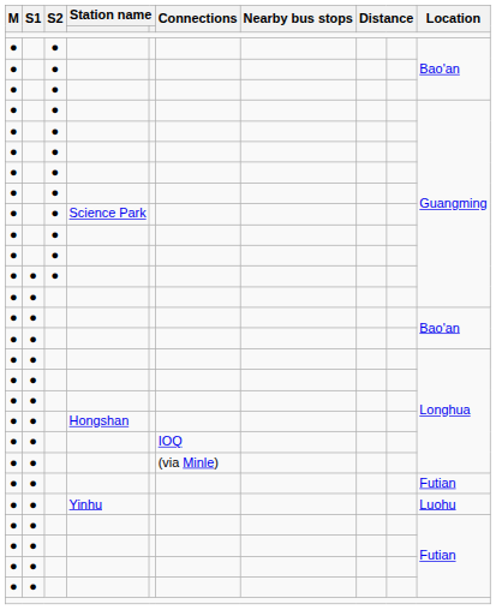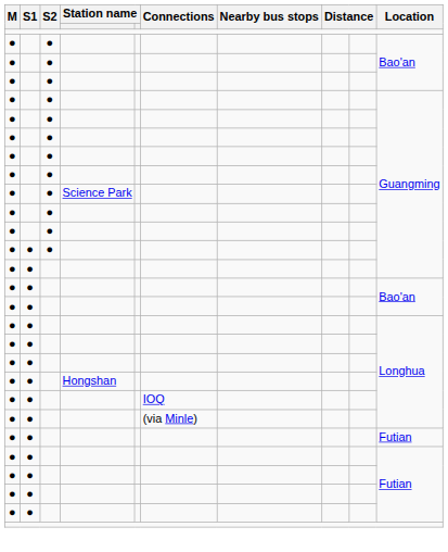 <table class="wikitable">
 <tr>
 <th rowspan="2">M</th>
 <th rowspan="2">S1</th>
 <th rowspan="2">S2</th>
 <th colspan="2">Station name</th>
 <th rowspan="2">Connections</th>
 <th rowspan="2">Nearby bus stops</th>
 <th colspan="2" rowspan="2">Distance<br></th>
 <th rowspan="2">Location</th>
 </tr>
 <tr>
 <th></th>
 <th></th>
 </tr>
 <tr style="background:#">
 <td colspan = "10"></td>
 </tr>
 <tr>
 <td align="center">●</td>
 <td align="center"></td>
 <td align="center">●</td>
 <td></td>
 <td></td>
 <td> </td>
 <td></td>
 <td></td>
 <td></td>
 <td rowspan="3"><a href='#'>Bao'an</a></td>
 </tr>
 <tr>
 <td align="center">●</td>
 <td align="center"></td>
 <td align="center">●</td>
 <td></td>
 <td></td>
 <td></td>
 <td></td>
 <td></td>
 <td></td>
 </tr>
 <tr>
 <td align="center">●</td>
 <td align="center"></td>
 <td align="center">●</td>
 <td></td>
 <td></td>
 <td></td>
 <td></td>
 <td></td>
 <td></td>
 </tr>
 <tr>
 <td align="center">●</td>
 <td align="center"></td>
 <td align="center">●</td>
 <td></td>
 <td></td>
 <td></td>
 <td></td>
 <td></td>
 <td></td>
 <td rowspan="10"><a href='#'>Guangming</a></td>
 </tr>
 <tr>
 <td align="center">●</td>
 <td align="center"></td>
 <td align="center">●</td>
 <td></td>
 <td></td>
 <td></td>
 <td></td>
 <td></td>
 <td></td>
 </tr>
 <tr>
 <td align="center">●</td>
 <td align="center"></td>
 <td align="center">●</td>
 <td></td>
 <td></td>
 <td></td>
 <td></td>
 <td></td>
 <td></td>
 </tr>
 <tr>
 <td align="center">●</td>
 <td align="center"></td>
 <td align="center">●</td>
 <td></td>
 <td></td>
 <td></td>
 <td></td>
 <td></td>
 <td></td>
 </tr>
 <tr>
 <td align="center">●</td>
 <td align="center"></td>
 <td align="center">●</td>
 <td></td>
 <td></td>
 <td></td>
 <td></td>
 <td></td>
 <td></td>
 </tr>
 <tr>
 <td align="center">●</td>
 <td align="center"></td>
 <td align="center">●</td>
 <td><a href='#'>Science Park</a></td>
 <td></td>
 <td></td>
 <td></td>
 <td></td>
 <td></td>
 </tr>
 <tr>
 <td align="center">●</td>
 <td align="center"></td>
 <td align="center">●</td>
 <td></td>
 <td></td>
 <td></td>
 <td></td>
 <td></td>
 <td></td>
 </tr>
 <tr>
 <td align="center">●</td>
 <td align="center"></td>
 <td align="center">●</td>
 <td></td>
 <td></td>
 <td></td>
 <td></td>
 <td></td>
 <td></td>
 </tr>
 <tr>
 <td align="center">●</td>
 <td align="center">●</td>
 <td align="center">●</td>
 <td></td>
 <td></td>
 <td></td>
 <td></td>
 <td></td>
 <td></td>
 </tr>
 <tr>
 <td align="center">●</td>
 <td align="center">●</td>
 <td align="center"></td>
 <td></td>
 <td></td>
 <td></td>
 <td></td>
 <td></td>
 <td></td>
 </tr>
 <tr>
 <td align="center">●</td>
 <td align="center">●</td>
 <td align="center"></td>
 <td></td>
 <td></td>
 <td></td>
 <td></td>
 <td></td>
 <td></td>
 <td rowspan="2"><a href='#'>Bao'an</a></td>
 </tr>
 <tr>
 <td align="center">●</td>
 <td align="center">●</td>
 <td align="center"></td>
 <td></td>
 <td></td>
 <td></td>
 <td></td>
 <td></td>
 <td></td>
 </tr>
 <tr>
 <td align="center">●</td>
 <td align="center">●</td>
 <td align="center"></td>
 <td></td>
 <td></td>
 <td></td>
 <td></td>
 <td></td>
 <td></td>
 <td rowspan="6"><a href='#'>Longhua</a></td>
 </tr>
 <tr>
 <td align="center">●</td>
 <td align="center">●</td>
 <td align="center"></td>
 <td></td>
 <td></td>
 <td></td>
 <td></td>
 <td></td>
 <td></td>
 </tr>
 <tr>
 <td align="center">●</td>
 <td align="center">●</td>
 <td align="center"></td>
 <td></td>
 <td></td>
 <td></td>
 <td></td>
 <td></td>
 <td></td>
 </tr>
 <tr>
 <td align="center">●</td>
 <td align="center">●</td>
 <td align="center"></td>
 <td><a href='#'>Hongshan</a></td>
 <td></td>
 <td></td>
 <td></td>
 <td></td>
 <td></td>
 </tr>
 <tr>
 <td align="center">●</td>
 <td align="center">●</td>
 <td align="center"></td>
 <td></td>
 <td></td>
 <td>   <a href='#'>IOQ</a></td>
 <td></td>
 <td></td>
 <td></td>
 </tr>
 <tr>
 <td align="center">●</td>
 <td align="center">●</td>
 <td align="center"></td>
 <td></td>
 <td></td>
 <td> (via <a href='#'>Minle</a>)</td>
 <td></td>
 <td></td>
 <td></td>
 </tr>
 <tr>
 <td align="center">●</td>
 <td align="center">●</td>
 <td align="center"></td>
 <td></td>
 <td></td>
 <td></td>
 <td></td>
 <td></td>
 <td></td>
 <td><a href='#'>Futian</a></td>
 </tr>
 <tr>
 <td align="center">●</td>
 <td align="center">●</td>
 <td align="center"></td>
-<td><a href='#'>Yinhu</a></td>
-<td></td>
-<td></td>
-<td></td>
-<td></td>
-<td></td>
-<td><a href='#'>Luohu</a></td>
-</tr>
-<tr>
-<td align="center">●</td>
-<td align="center">●</td>
-<td align="center"></td>
 <td></td>
 <td></td>
 <td></td>
 <td></td>
 <td></td>
 <td></td>
 <td rowspan="4"><a href='#'>Futian</a></td>
 </tr>
 <tr>
 <td align="center">●</td>
 <td align="center">●</td>
 <td align="center"></td>
 <td></td>
 <td></td>
 <td></td>
 <td></td>
 <td></td>
 <td></td>
 </tr>
 <tr>
 <td align="center">●</td>
 <td align="center">●</td>
 <td align="center"></td>
 <td></td>
 <td></td>
 <td></td>
 <td></td>
 <td></td>
 <td></td>
 </tr>
 <tr>
 <td align="center">●</td>
 <td align="center">●</td>
 <td align="center"></td>
 <td></td>
 <td></td>
 <td></td>
 <td></td>
 <td></td>
 <td></td>
 </tr>
 <tr style="background:#">
 <td colspan="10"></td>
 </tr>
 </table>
